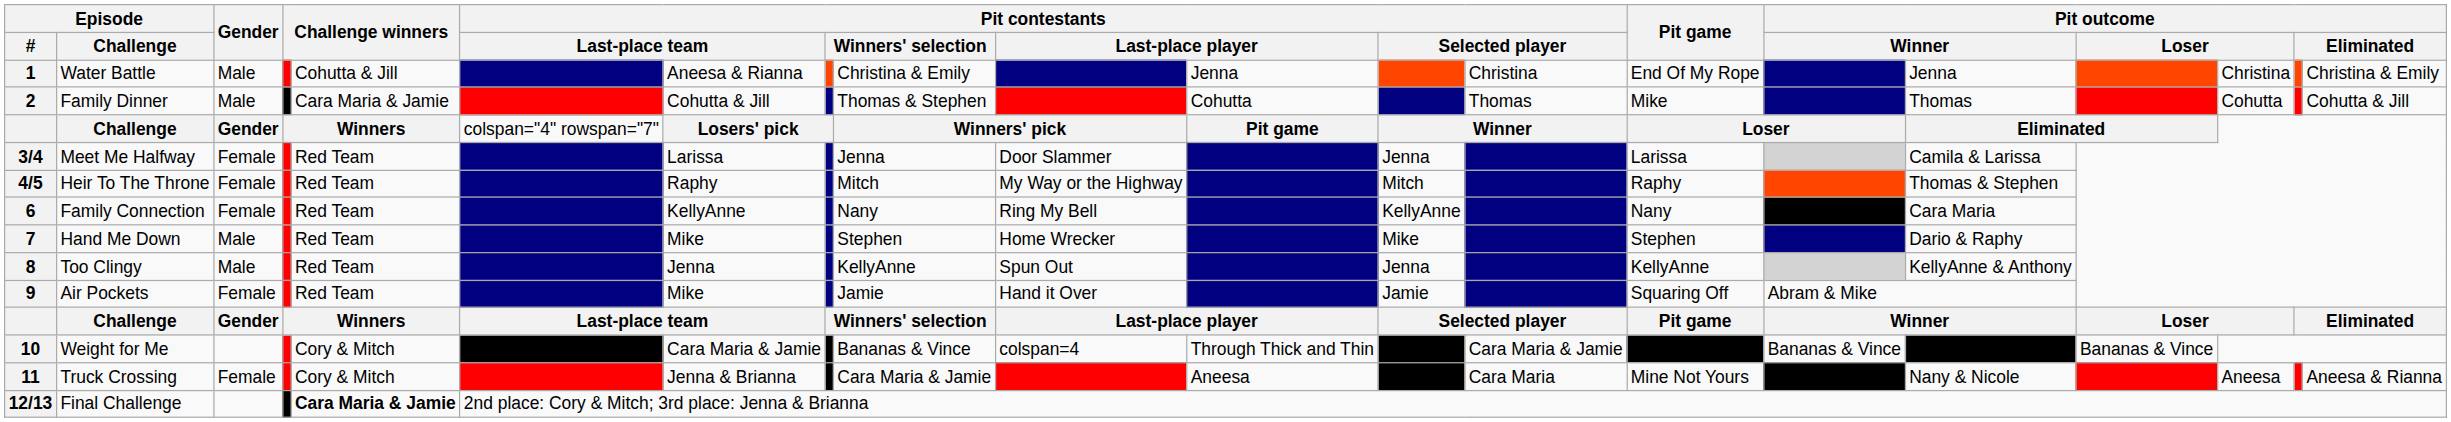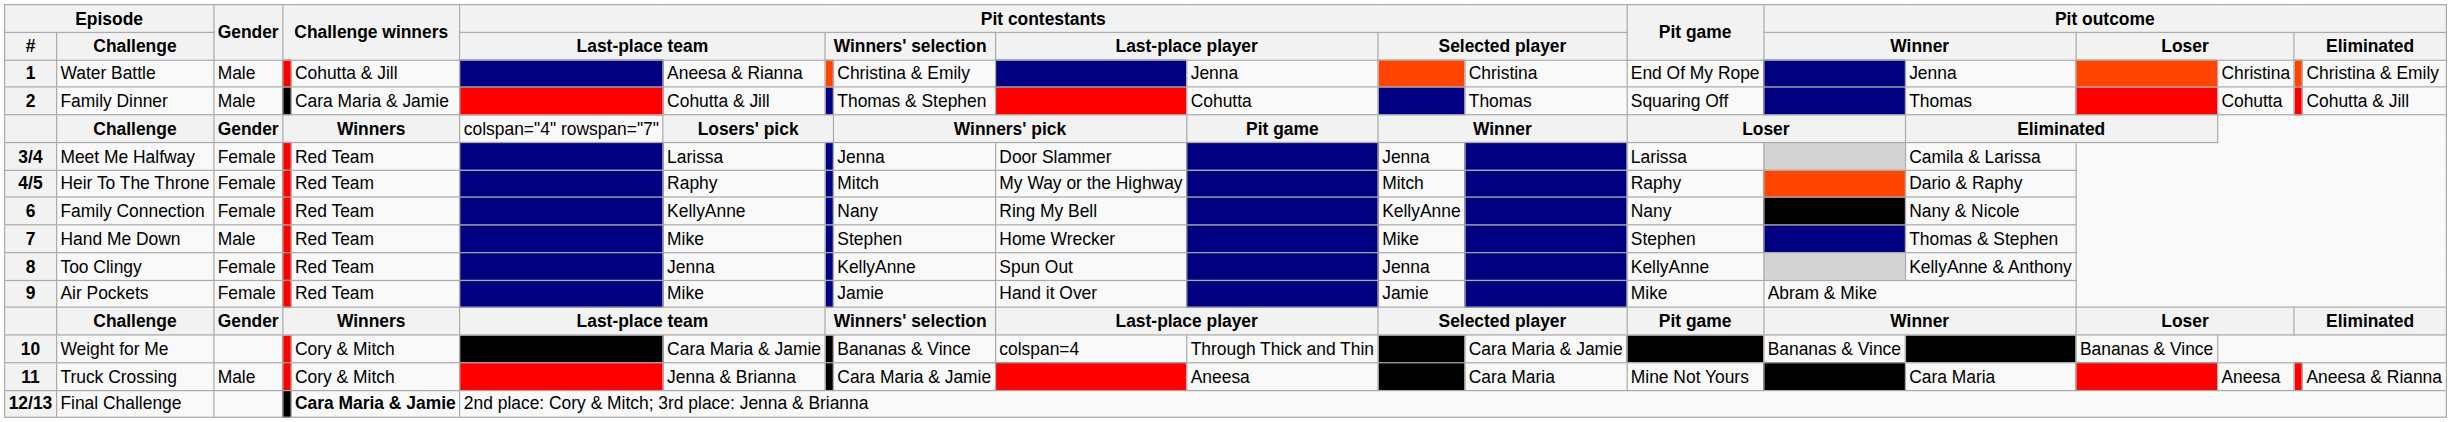 <table class="wikitable" style="font-size:90%; white-space:nowrap;">
 <tr>
 <th colspan=2>Episode</th>
 <th rowspan=2>Gender</th>
 <th colspan=2 rowspan=2>Challenge winners</th>
 <th colspan=8>Pit contestants</th>
 <th rowspan=2>Pit game</th>
 <th colspan=6>Pit outcome</th>
 </tr>
 <tr>
 <th>#</th>
 <th>Challenge</th>
 <th colspan=2>Last-place team</th>
 <th colspan=2>Winners' selection</th>
 <th colspan=2>Last-place player</th>
 <th colspan=2>Selected player</th>
 <th colspan=2>Winner</th>
 <th colspan=2>Loser</th>
 <th colspan=2>Eliminated</th>
 </tr>
 <tr>
 <th>1</th>
 <td>Water Battle</td>
 <td>Male</td>
 <td style="background:red"></td>
 <td>Cohutta & Jill</td>
 <td style="background:navy"></td>
 <td>Aneesa & Rianna</td>
 <td style="background:orangered"></td>
 <td>Christina & Emily</td>
 <td style="background:navy"></td>
 <td>Jenna</td>
 <td style="background:orangered"></td>
 <td>Christina</td>
 <td>End Of My Rope</td>
 <td style="background:navy"></td>
 <td>Jenna</td>
 <td style="background:orangered"></td>
 <td>Christina</td>
 <td bgcolor="orangered"></td>
 <td>Christina & Emily</td>
 </tr>
 <tr>
 <th>2</th>
 <td>Family Dinner</td>
 <td>Male</td>
 <td style="background:black"></td>
 <td>Cara Maria & Jamie</td>
 <td style="background:red"></td>
 <td>Cohutta & Jill</td>
 <td style="background:navy"></td>
 <td>Thomas & Stephen</td>
 <td style="background:red"></td>
 <td>Cohutta</td>
 <td style="background:navy"></td>
 <td>Thomas</td>
-<td>Mike</td>
+<td>Squaring Off</td>
 <td style="background:navy"></td>
 <td>Thomas</td>
 <td style="background:red"></td>
 <td>Cohutta</td>
 <td bgcolor="red"></td>
 <td>Cohutta & Jill</td>
 </tr>
 <tr>
 <th></th>
 <th>Challenge</th>
 <th>Gender</th>
 <th colspan=2>Winners</th>
 <td>colspan="4" rowspan="7" </td>
 <th colspan=2>Losers' pick</th>
 <th colspan=2>Winners' pick</th>
 <th>Pit game</th>
 <th colspan=2>Winner</th>
 <th colspan=2>Loser</th>
 <th colspan=2>Eliminated</th>
 </tr>
 <tr>
 <th>3/4</th>
 <td>Meet Me Halfway</td>
 <td>Female</td>
 <td style="background:red"></td>
 <td>Red Team</td>
 <td style="background:navy"></td>
 <td>Larissa</td>
 <td style="background:navy"></td>
 <td>Jenna</td>
 <td>Door Slammer</td>
 <td style="background:navy"></td>
 <td>Jenna</td>
 <td style="background:navy"></td>
 <td>Larissa</td>
 <td bgcolor="lightgrey"></td>
 <td>Camila & Larissa</td>
 </tr>
 <tr>
 <th>4/5</th>
 <td>Heir To The Throne</td>
 <td>Female</td>
 <td style="background:red"></td>
 <td>Red Team</td>
 <td style="background:navy"></td>
 <td>Raphy</td>
 <td style="background:navy"></td>
 <td>Mitch</td>
 <td>My Way or the Highway</td>
 <td style="background:navy"></td>
 <td>Mitch</td>
 <td style="background:navy"></td>
 <td>Raphy</td>
 <td bgcolor="orangered"></td>
-<td>Thomas & Stephen</td>
+<td>Dario & Raphy</td>
 </tr>
 <tr>
 <th>6</th>
 <td>Family Connection</td>
 <td>Female</td>
 <td style="background:red"></td>
 <td>Red Team</td>
 <td style="background:navy"></td>
 <td>KellyAnne</td>
 <td style="background:navy"></td>
 <td>Nany</td>
 <td>Ring My Bell</td>
 <td style="background:navy"></td>
 <td>KellyAnne</td>
 <td style="background:navy"></td>
 <td>Nany</td>
 <td bgcolor="black"></td>
-<td>Cara Maria</td>
+<td>Nany & Nicole</td>
 </tr>
 <tr>
 <th>7</th>
 <td>Hand Me Down</td>
 <td>Male</td>
 <td style="background:red"></td>
 <td>Red Team</td>
 <td style="background:navy"></td>
 <td>Mike</td>
 <td style="background:navy"></td>
 <td>Stephen</td>
 <td>Home Wrecker</td>
 <td style="background:navy"></td>
 <td>Mike</td>
 <td style="background:navy"></td>
 <td>Stephen</td>
 <td bgcolor="navy"></td>
-<td>Dario & Raphy</td>
+<td>Thomas & Stephen</td>
 </tr>
 <tr>
 <th>8</th>
 <td>Too Clingy</td>
-<td>Male</td>
+<td>Female</td>
 <td style="background:red"></td>
 <td>Red Team</td>
 <td style="background:navy"></td>
 <td>Jenna</td>
 <td style="background:navy"></td>
 <td>KellyAnne</td>
 <td>Spun Out</td>
 <td style="background:navy"></td>
 <td>Jenna</td>
 <td style="background:navy"></td>
 <td>KellyAnne</td>
 <td bgcolor="lightgrey"></td>
 <td>KellyAnne & Anthony</td>
 </tr>
 <tr>
 <th>9</th>
 <td>Air Pockets</td>
 <td>Female</td>
 <td style="background:red"></td>
 <td>Red Team</td>
 <td style="background:navy"></td>
 <td>Mike</td>
 <td style="background:navy"></td>
 <td>Jamie</td>
 <td>Hand it Over</td>
 <td style="background:navy"></td>
 <td>Jamie</td>
 <td style="background:navy"></td>
-<td>Squaring Off</td>
+<td>Mike</td>
 <td colspan=2>Abram & Mike</td>
 </tr>
 <tr>
 <th></th>
 <th>Challenge</th>
 <th>Gender</th>
 <th colspan=2>Winners</th>
 <th colspan=2>Last-place team</th>
 <th colspan=2>Winners' selection</th>
 <th colspan=2>Last-place player</th>
 <th colspan=2>Selected player</th>
 <th>Pit game</th>
 <th colspan=2>Winner</th>
 <th colspan=2>Loser</th>
 <th colspan=2>Eliminated</th>
 </tr>
 <tr>
 <th>10</th>
 <td>Weight for Me</td>
 <td></td>
 <td style="background:red"></td>
 <td>Cory & Mitch</td>
 <td style="background:black"></td>
 <td>Cara Maria & Jamie</td>
 <td style="background:black"></td>
 <td>Bananas & Vince</td>
 <td>colspan=4 </td>
 <td>Through Thick and Thin</td>
 <td style="background:black"></td>
 <td>Cara Maria & Jamie</td>
 <td style="background:black"></td>
 <td>Bananas & Vince</td>
 <td style="background:black"></td>
 <td>Bananas & Vince</td>
 </tr>
 <tr>
 <th>11</th>
 <td>Truck Crossing</td>
-<td>Female</td>
+<td>Male</td>
 <td style="background:red"></td>
 <td>Cory & Mitch</td>
 <td style="background:red"></td>
 <td>Jenna & Brianna</td>
 <td style="background:black"></td>
 <td>Cara Maria & Jamie</td>
 <td style="background:red"></td>
 <td>Aneesa</td>
 <td style="background:black"></td>
 <td>Cara Maria</td>
 <td>Mine Not Yours</td>
 <td style="background:black"></td>
-<td>Nany & Nicole</td>
+<td>Cara Maria</td>
 <td style="background:red"></td>
 <td>Aneesa</td>
 <td bgcolor="red"></td>
 <td>Aneesa & Rianna</td>
 </tr>
 <tr>
 <th>12/13</th>
 <td>Final Challenge</td>
 <td></td>
 <td style= "background:black"></td>
 <td><strong>Cara Maria & Jamie</strong></td>
 <td colspan=15>2nd place: Cory & Mitch; 3rd place: Jenna & Brianna</td>
 </tr>
 </table>
